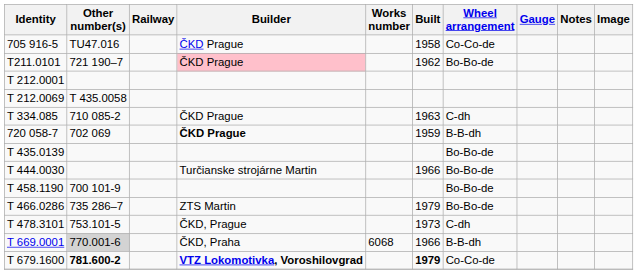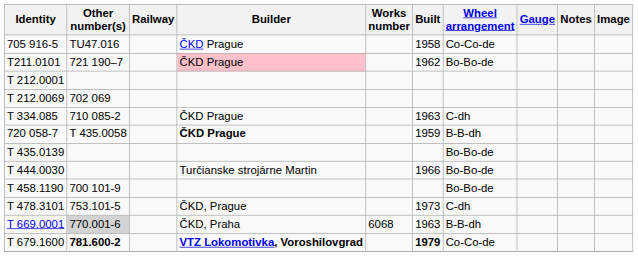 <table class="wikitable sortable">
 <tr>
 <th>Identity</th>
 <th>Other<br>number(s)</th>
 <th>Railway</th>
 <th>Builder</th>
 <th>Works<br>number</th>
 <th>Built</th>
 <th><a href='#'>Wheel<br>arrange­ment</a></th>
 <th scope="col" width="5px"><a href='#'>Gauge</a></th>
 <th>Notes</th>
 <th>Image</th>
 </tr>
 <tr>
 <td>705 916-5</td>
 <td>TU47.016</td>
 <td></td>
 <td><a href='#'>ČKD</a> Prague</td>
 <td></td>
 <td>1958</td>
 <td>Co-Co-de</td>
 <td></td>
 <td></td>
 <td></td>
 </tr>
 <tr>
 <td>T211.0101</td>
 <td>721 190–7</td>
 <td></td>
 <td style="background: pink;">ČKD Prague</td>
 <td></td>
 <td>1962</td>
 <td>Bo-Bo-de</td>
 <td></td>
 <td></td>
 <td></td>
 </tr>
 <tr>
 <td>T 212.0001</td>
 <td></td>
 <td></td>
 <td></td>
 <td></td>
 <td></td>
 <td></td>
 <td></td>
 <td></td>
 <td></td>
 </tr>
 <tr>
 <td>T 212.0069</td>
-<td>T 435.0058</td>
+<td>702 069</td>
 <td></td>
 <td></td>
 <td></td>
 <td></td>
 <td></td>
 <td></td>
 <td></td>
 <td></td>
 </tr>
 <tr>
 <td>T 334.085</td>
 <td>710 085-2</td>
 <td></td>
 <td>ČKD Prague</td>
 <td></td>
 <td>1963</td>
 <td>C-dh</td>
 <td></td>
 <td></td>
 <td></td>
 </tr>
 <tr>
 <td>720 058-7</td>
-<td>702 069</td>
+<td>T 435.0058</td>
 <td></td>
 <td><strong>ČKD Prague</strong></td>
 <td></td>
 <td>1959</td>
 <td>B-B-dh</td>
 <td></td>
 <td></td>
 <td></td>
 </tr>
 <tr>
 <td>T 435.0139</td>
 <td></td>
 <td></td>
 <td></td>
 <td></td>
 <td></td>
 <td>Bo-Bo-de</td>
 <td></td>
 <td></td>
 <td></td>
 </tr>
 <tr>
 <td>T 444.0030</td>
 <td></td>
 <td></td>
 <td>Turčianske strojárne Martin</td>
 <td></td>
 <td>1966</td>
 <td>Bo-Bo-de</td>
 <td></td>
 <td></td>
 <td></td>
 </tr>
 <tr>
 <td>T 458.1190</td>
 <td>700 101-9</td>
 <td></td>
 <td></td>
 <td></td>
 <td></td>
 <td>Bo-Bo-de</td>
 <td></td>
 <td></td>
 <td></td>
 </tr>
 <tr>
-<td>T 466.0286</td>
-<td>735 286–7</td>
-<td></td>
-<td>ZTS Martin</td>
-<td></td>
-<td>1979</td>
-<td>Bo-Bo-de</td>
-<td></td>
-<td></td>
-<td></td>
-</tr>
-<tr>
 <td>T 478.3101</td>
 <td>753.101-5</td>
 <td></td>
 <td>ČKD, Prague</td>
 <td></td>
 <td>1973</td>
 <td>C-dh</td>
 <td></td>
 <td></td>
 <td></td>
 </tr>
 <tr>
 <td><a href='#'>T 669.0001</a></td>
 <td style="background: lightgrey;">770.001-6</td>
 <td></td>
 <td>ČKD, Praha</td>
 <td>6068</td>
-<td>1966</td>
+<td>1963</td>
 <td>B-B-dh</td>
 <td></td>
 <td></td>
 <td></td>
 </tr>
 <tr>
 <td>T 679.1600</td>
 <td><strong>781.600-2</strong></td>
 <td></td>
 <td><strong><a href='#'>VTZ Lokomotivka</a>, Voroshilovgrad</strong></td>
 <td></td>
 <td><strong>1979</strong></td>
 <td>Co-Co-de</td>
 <td></td>
 <td></td>
 <td></td>
 </tr>
 <tr>
 </tr>
 </table>
